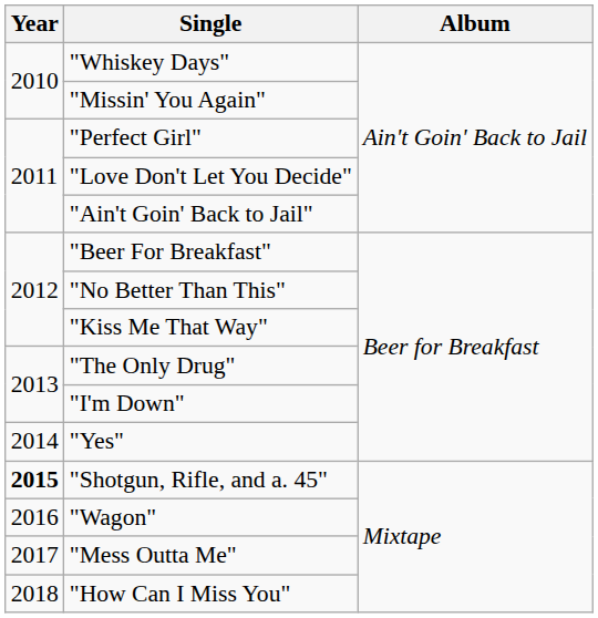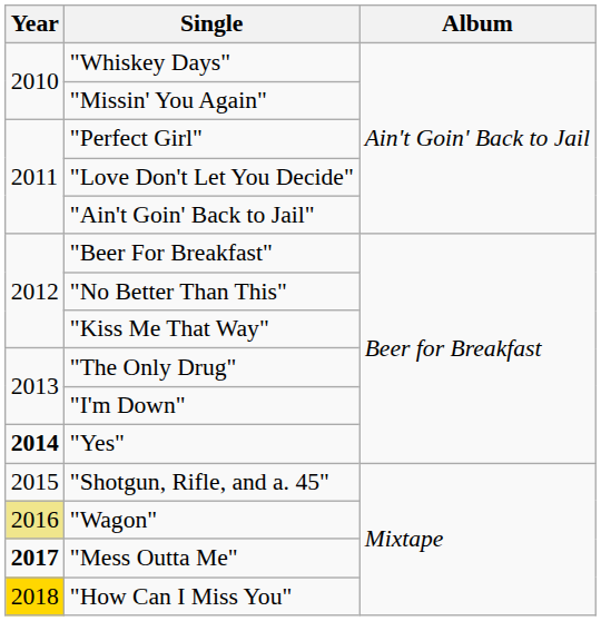 <table class="wikitable">
 <tr>
 <th>Year</th>
 <th>Single</th>
 <th>Album</th>
 </tr>
 <tr>
 <td rowspan="2">2010</td>
 <td>"Whiskey Days"</td>
 <td rowspan="5"><em>Ain't Goin' Back to Jail</em></td>
 </tr>
 <tr>
 <td>"Missin' You Again"</td>
 </tr>
 <tr>
 <td rowspan="3">2011</td>
 <td>"Perfect Girl"</td>
 </tr>
 <tr>
 <td>"Love Don't Let You Decide"</td>
 </tr>
 <tr>
 <td>"Ain't Goin' Back to Jail"</td>
 </tr>
 <tr>
 <td rowspan="3">2012</td>
 <td>"Beer For Breakfast"</td>
 <td rowspan="6"><em>Beer for Breakfast</em></td>
 </tr>
 <tr>
 <td>"No Better Than This"</td>
 </tr>
 <tr>
 <td>"Kiss Me That Way"</td>
 </tr>
 <tr>
 <td rowspan="2">2013</td>
 <td>"The Only Drug"</td>
 </tr>
 <tr>
 <td>"I'm Down"</td>
 </tr>
 <tr>
-<td>2014</td>
+<td><strong>2014</strong></td>
 <td>"Yes"</td>
 </tr>
 <tr>
-<td><strong>2015</strong></td>
+<td>2015</td>
 <td>"Shotgun, Rifle, and a. 45"</td>
 <td rowspan="4"><em>Mixtape</em></td>
 </tr>
 <tr>
-<td>2016</td>
+<td style="background: khaki;">2016</td>
 <td>"Wagon"</td>
 </tr>
 <tr>
-<td>2017</td>
+<td><strong>2017</strong></td>
 <td>"Mess Outta Me"</td>
 </tr>
 <tr>
-<td>2018</td>
+<td style="background: gold;">2018</td>
 <td>"How Can I Miss You"</td>
 </tr>
 </table>
